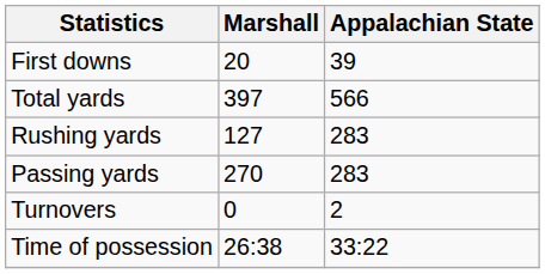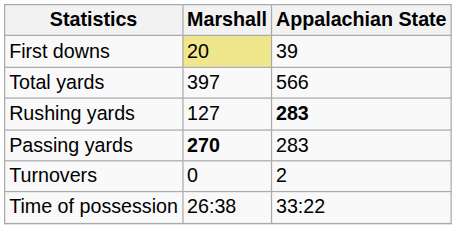 <table class="wikitable">
 <tr>
 <th>Statistics</th>
 <th>Marshall</th>
 <th>Appalachian State</th>
 </tr>
 <tr>
 <td>First downs</td>
-<td>20</td>
+<td style="background: khaki;">20</td>
 <td>39</td>
 </tr>
 <tr>
 <td>Total yards</td>
 <td>397</td>
 <td>566</td>
 </tr>
 <tr>
 <td>Rushing yards</td>
 <td>127</td>
-<td>283</td>
+<td><strong>283</strong></td>
 </tr>
 <tr>
 <td>Passing yards</td>
-<td>270</td>
+<td><strong>270</strong></td>
 <td>283</td>
 </tr>
 <tr>
 <td>Turnovers</td>
 <td>0</td>
 <td>2</td>
 </tr>
 <tr>
 <td>Time of possession</td>
 <td>26:38</td>
 <td>33:22</td>
 </tr>
 <tr>
 </tr>
 </table>
